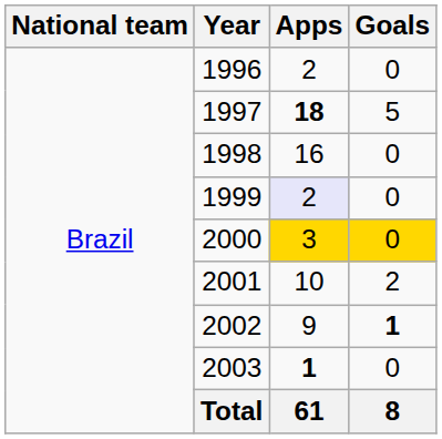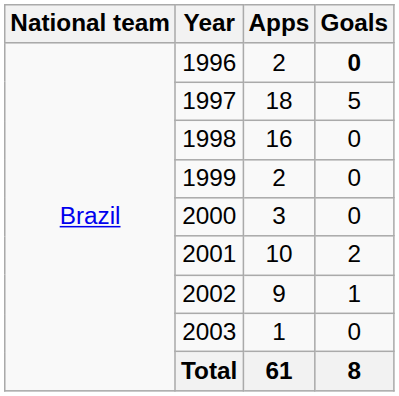 <table class="wikitable" style="text-align:center">
 <tr>
 <th>National team</th>
 <th>Year</th>
 <th>Apps</th>
 <th>Goals</th>
 </tr>
 <tr>
 <td rowspan="9"><a href='#'>Brazil</a></td>
 <td>1996</td>
 <td>2</td>
-<td>0</td>
+<td><strong>0</strong></td>
 </tr>
 <tr>
 <td>1997</td>
-<td><strong>18</strong></td>
+<td>18</td>
 <td>5</td>
 </tr>
 <tr>
 <td>1998</td>
 <td>16</td>
 <td>0</td>
 </tr>
 <tr>
 <td>1999</td>
-<td style="background: lavender;">2</td>
+<td>2</td>
 <td>0</td>
 </tr>
 <tr>
 <td>2000</td>
-<td style="background: gold;">3</td>
-<td style="background: gold;">0</td>
+<td>3</td>
+<td>0</td>
 </tr>
 <tr>
 <td>2001</td>
 <td>10</td>
 <td>2</td>
 </tr>
 <tr>
 <td>2002</td>
 <td>9</td>
-<td><strong>1</strong></td>
+<td>1</td>
 </tr>
 <tr>
 <td>2003</td>
-<td><strong>1</strong></td>
+<td>1</td>
 <td>0</td>
 </tr>
 <tr>
 <th>Total</th>
 <th>61</th>
 <th>8</th>
 </tr>
 </table>
